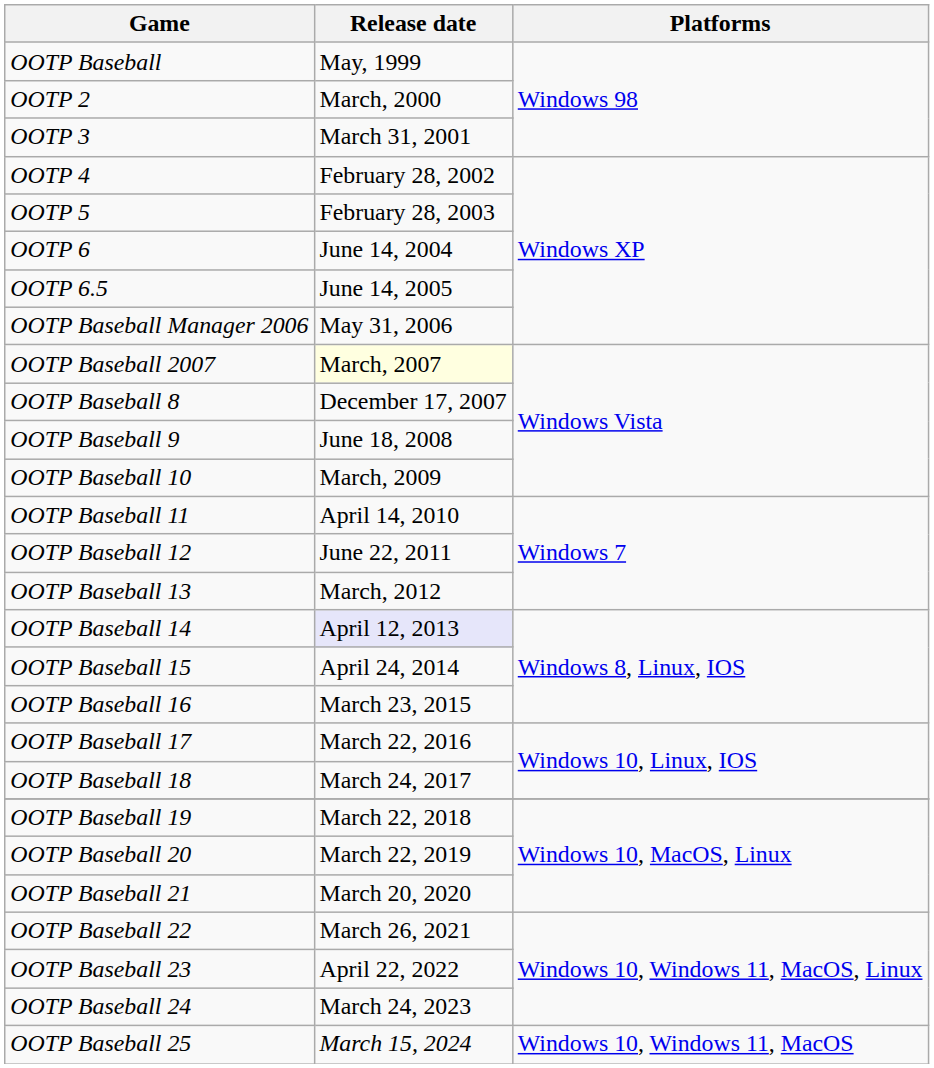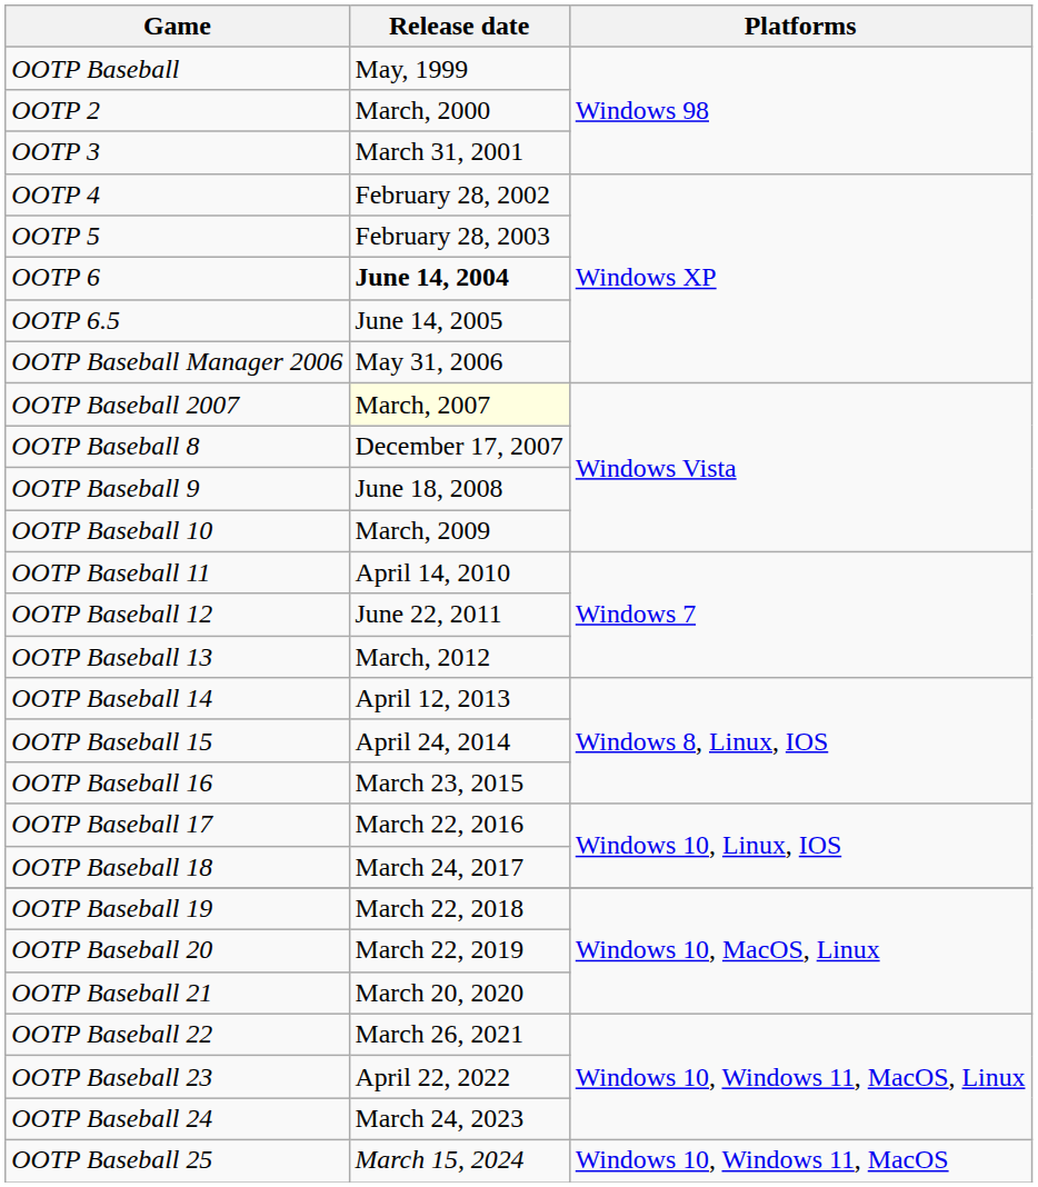 <table class="wikitable">
 <tr>
 <th>Game</th>
 <th>Release date</th>
 <th>Platforms</th>
 </tr>
 <tr>
 <td><em>OOTP Baseball</em></td>
 <td>May, 1999</td>
 <td rowspan="3"><a href='#'>Windows 98</a></td>
 </tr>
 <tr>
 <td><em>OOTP 2</em></td>
 <td>March, 2000</td>
 </tr>
 <tr>
 <td><em>OOTP 3</em></td>
 <td>March 31, 2001</td>
 </tr>
 <tr>
 <td><em>OOTP 4</em></td>
 <td>February 28, 2002</td>
 <td rowspan="5"><a href='#'>Windows XP</a></td>
 </tr>
 <tr>
 <td><em>OOTP 5</em></td>
 <td>February 28, 2003</td>
 </tr>
 <tr>
 <td><em>OOTP 6</em></td>
-<td>June 14, 2004</td>
+<td><strong>June 14, 2004</strong></td>
 </tr>
 <tr>
 <td><em>OOTP 6.5</em></td>
 <td>June 14, 2005</td>
 </tr>
 <tr>
 <td><em>OOTP Baseball Manager 2006</em></td>
 <td>May 31, 2006</td>
 </tr>
 <tr>
 <td><em>OOTP Baseball 2007</em></td>
 <td style="background: lightyellow;">March, 2007</td>
 <td rowspan="4"><a href='#'>Windows Vista</a></td>
 </tr>
 <tr>
 <td><em>OOTP Baseball 8</em></td>
 <td>December 17, 2007</td>
 </tr>
 <tr>
 <td><em>OOTP Baseball 9</em></td>
 <td>June 18, 2008</td>
 </tr>
 <tr>
 <td><em>OOTP Baseball 10</em></td>
 <td>March, 2009</td>
 </tr>
 <tr>
 <td><em>OOTP Baseball 11</em></td>
 <td>April 14, 2010</td>
 <td rowspan="3"><a href='#'>Windows 7</a></td>
 </tr>
 <tr>
 <td><em>OOTP Baseball 12</em></td>
 <td>June 22, 2011</td>
 </tr>
 <tr>
 <td><em>OOTP Baseball 13</em></td>
 <td>March, 2012</td>
 </tr>
 <tr>
 <td><em>OOTP Baseball 14</em></td>
-<td style="background: lavender;">April 12, 2013</td>
+<td>April 12, 2013</td>
 <td rowspan="3"><a href='#'>Windows 8</a>, <a href='#'>Linux</a>, <a href='#'>IOS</a></td>
 </tr>
 <tr>
 <td><em>OOTP Baseball 15</em></td>
 <td>April 24, 2014</td>
 </tr>
 <tr>
 <td><em>OOTP Baseball 16</em></td>
 <td>March 23, 2015</td>
 </tr>
 <tr>
 <td><em>OOTP Baseball 17</em></td>
 <td>March 22, 2016</td>
 <td rowspan="2"><a href='#'>Windows 10</a>, <a href='#'>Linux</a>, <a href='#'>IOS</a></td>
 </tr>
 <tr>
 <td><em>OOTP Baseball 18</em></td>
 <td>March 24, 2017</td>
 </tr>
 <tr>
 </tr>
 <tr>
 <td><em>OOTP Baseball 19</em></td>
 <td>March 22, 2018</td>
 <td rowspan="3"><a href='#'>Windows 10</a>, <a href='#'>MacOS</a>, <a href='#'>Linux</a></td>
 </tr>
 <tr>
 <td><em>OOTP Baseball 20</em></td>
 <td>March 22, 2019</td>
 </tr>
 <tr>
 <td><em>OOTP Baseball 21</em></td>
 <td>March 20, 2020</td>
 </tr>
 <tr>
 <td><em>OOTP Baseball 22</em></td>
 <td>March 26, 2021</td>
 <td rowspan="3"><a href='#'>Windows 10</a>, <a href='#'>Windows 11</a>, <a href='#'>MacOS</a>, <a href='#'>Linux</a></td>
 </tr>
 <tr>
 <td><em>OOTP Baseball 23</em></td>
 <td>April 22, 2022</td>
 </tr>
 <tr>
 <td><em>OOTP Baseball 24</em></td>
 <td>March 24, 2023</td>
 </tr>
 <tr>
 <td><em>OOTP Baseball 25</em></td>
 <td><em>March 15, 2024</em></td>
 <td><a href='#'>Windows 10</a>, <a href='#'>Windows 11</a>, <a href='#'>MacOS</a></td>
 </tr>
 </table>
